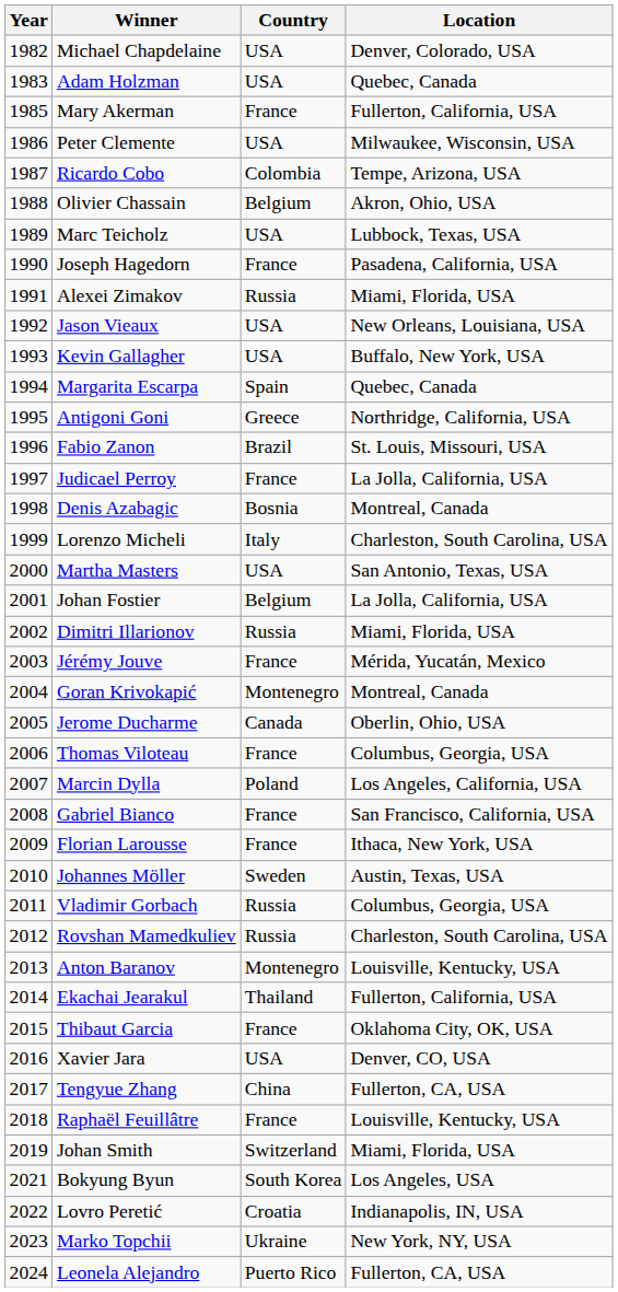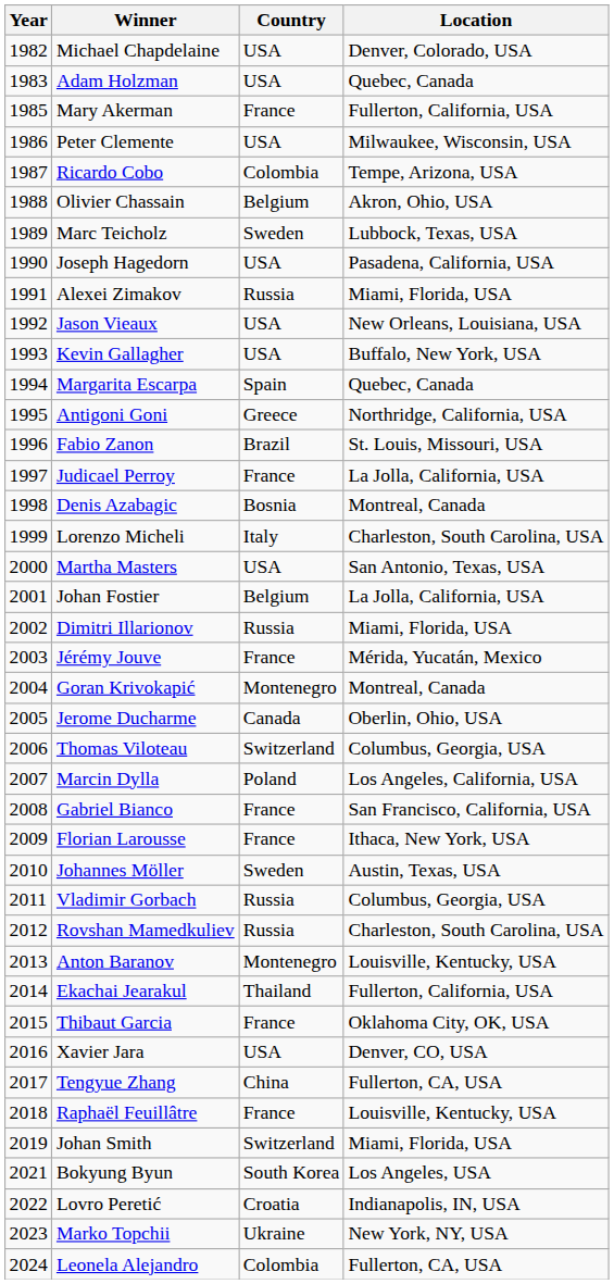 <table class="wikitable">
 <tr>
 <th>Year</th>
 <th>Winner</th>
 <th>Country</th>
 <th>Location</th>
 </tr>
 <tr>
 <td>1982</td>
 <td>Michael Chapdelaine</td>
 <td>USA</td>
 <td>Denver, Colorado, USA</td>
 </tr>
 <tr>
 <td>1983</td>
 <td><a href='#'>Adam Holzman</a></td>
 <td>USA</td>
 <td>Quebec, Canada</td>
 </tr>
 <tr>
 <td>1985</td>
 <td>Mary Akerman</td>
 <td>France</td>
 <td>Fullerton, California, USA</td>
 </tr>
 <tr>
 <td>1986</td>
 <td>Peter Clemente</td>
 <td>USA</td>
 <td>Milwaukee, Wisconsin, USA</td>
 </tr>
 <tr>
 <td>1987</td>
 <td><a href='#'>Ricardo Cobo</a></td>
 <td>Colombia</td>
 <td>Tempe, Arizona, USA</td>
 </tr>
 <tr>
 <td>1988</td>
 <td>Olivier Chassain</td>
 <td>Belgium</td>
 <td>Akron, Ohio, USA</td>
 </tr>
 <tr>
 <td>1989</td>
 <td>Marc Teicholz</td>
-<td>USA</td>
+<td>Sweden</td>
 <td>Lubbock, Texas, USA</td>
 </tr>
 <tr>
 <td>1990</td>
 <td>Joseph Hagedorn</td>
-<td>France</td>
+<td>USA</td>
 <td>Pasadena, California, USA</td>
 </tr>
 <tr>
 <td>1991</td>
 <td>Alexei Zimakov</td>
 <td>Russia</td>
 <td>Miami, Florida, USA</td>
 </tr>
 <tr>
 <td>1992</td>
 <td><a href='#'>Jason Vieaux</a></td>
 <td>USA</td>
 <td>New Orleans, Louisiana, USA</td>
 </tr>
 <tr>
 <td>1993</td>
 <td><a href='#'>Kevin Gallagher</a></td>
 <td>USA</td>
 <td>Buffalo, New York, USA</td>
 </tr>
 <tr>
 <td>1994</td>
 <td><a href='#'>Margarita Escarpa</a></td>
 <td>Spain</td>
 <td>Quebec, Canada</td>
 </tr>
 <tr>
 <td>1995</td>
 <td><a href='#'>Antigoni Goni</a></td>
 <td>Greece</td>
 <td>Northridge, California, USA</td>
 </tr>
 <tr>
 <td>1996</td>
 <td><a href='#'>Fabio Zanon</a></td>
 <td>Brazil</td>
 <td>St. Louis, Missouri, USA</td>
 </tr>
 <tr>
 <td>1997</td>
 <td><a href='#'>Judicael Perroy</a></td>
 <td>France</td>
 <td>La Jolla, California, USA</td>
 </tr>
 <tr>
 <td>1998</td>
 <td><a href='#'>Denis Azabagic</a></td>
 <td>Bosnia</td>
 <td>Montreal, Canada</td>
 </tr>
 <tr>
 <td>1999</td>
 <td>Lorenzo Micheli</td>
 <td>Italy</td>
 <td>Charleston, South Carolina, USA</td>
 </tr>
 <tr>
 <td>2000</td>
 <td><a href='#'>Martha Masters</a></td>
 <td>USA</td>
 <td>San Antonio, Texas, USA</td>
 </tr>
 <tr>
 <td>2001</td>
 <td>Johan Fostier</td>
 <td>Belgium</td>
 <td>La Jolla, California, USA</td>
 </tr>
 <tr>
 <td>2002</td>
 <td><a href='#'>Dimitri Illarionov</a></td>
 <td>Russia</td>
 <td>Miami, Florida, USA</td>
 </tr>
 <tr>
 <td>2003</td>
 <td><a href='#'>Jérémy Jouve</a></td>
 <td>France</td>
 <td>Mérida, Yucatán, Mexico</td>
 </tr>
 <tr>
 <td>2004</td>
 <td><a href='#'>Goran Krivokapić</a></td>
 <td>Montenegro</td>
 <td>Montreal, Canada</td>
 </tr>
 <tr>
 <td>2005</td>
 <td><a href='#'>Jerome Ducharme</a></td>
 <td>Canada</td>
 <td>Oberlin, Ohio, USA</td>
 </tr>
 <tr>
 <td>2006</td>
 <td><a href='#'>Thomas Viloteau</a></td>
-<td>France</td>
+<td>Switzerland</td>
 <td>Columbus, Georgia, USA</td>
 </tr>
 <tr>
 <td>2007</td>
 <td><a href='#'>Marcin Dylla</a></td>
 <td>Poland</td>
 <td>Los Angeles, California, USA</td>
 </tr>
 <tr>
 <td>2008</td>
 <td><a href='#'>Gabriel Bianco</a></td>
 <td>France</td>
 <td>San Francisco, California, USA</td>
 </tr>
 <tr>
 <td>2009</td>
 <td><a href='#'>Florian Larousse</a></td>
 <td>France</td>
 <td>Ithaca, New York, USA</td>
 </tr>
 <tr>
 <td>2010</td>
 <td><a href='#'>Johannes Möller</a></td>
 <td>Sweden</td>
 <td>Austin, Texas, USA</td>
 </tr>
 <tr>
 <td>2011</td>
 <td><a href='#'>Vladimir Gorbach</a></td>
 <td>Russia</td>
 <td>Columbus, Georgia, USA</td>
 </tr>
 <tr>
 <td>2012</td>
 <td><a href='#'>Rovshan Mamedkuliev</a></td>
 <td>Russia</td>
 <td>Charleston, South Carolina, USA</td>
 </tr>
 <tr>
 <td>2013</td>
 <td><a href='#'>Anton Baranov</a></td>
 <td>Montenegro</td>
 <td>Louisville, Kentucky, USA</td>
 </tr>
 <tr>
 <td>2014</td>
 <td><a href='#'>Ekachai Jearakul</a></td>
 <td>Thailand</td>
 <td>Fullerton, California, USA</td>
 </tr>
 <tr>
 <td>2015</td>
 <td><a href='#'>Thibaut Garcia</a></td>
 <td>France</td>
 <td>Oklahoma City, OK, USA</td>
 </tr>
 <tr>
 <td>2016</td>
 <td>Xavier Jara</td>
 <td>USA</td>
 <td>Denver, CO, USA</td>
 </tr>
 <tr>
 <td>2017</td>
 <td><a href='#'>Tengyue Zhang</a></td>
 <td>China</td>
 <td>Fullerton, CA, USA</td>
 </tr>
 <tr>
 <td>2018</td>
 <td><a href='#'>Raphaël Feuillâtre</a></td>
 <td>France</td>
 <td>Louisville, Kentucky, USA</td>
 </tr>
 <tr>
 <td>2019</td>
 <td>Johan Smith</td>
 <td>Switzerland</td>
 <td>Miami, Florida, USA</td>
 </tr>
 <tr>
 <td>2021</td>
 <td>Bokyung Byun</td>
 <td>South Korea</td>
 <td>Los Angeles, USA</td>
 </tr>
 <tr>
 <td>2022</td>
 <td>Lovro Peretić</td>
 <td>Croatia</td>
 <td>Indianapolis, IN, USA</td>
 </tr>
 <tr>
 <td>2023</td>
 <td><a href='#'>Marko Topchii</a></td>
 <td>Ukraine</td>
 <td>New York, NY, USA</td>
 </tr>
 <tr>
 <td>2024</td>
 <td><a href='#'>Leonela Alejandro</a></td>
-<td>Puerto Rico</td>
+<td>Colombia</td>
 <td>Fullerton, CA, USA<br>  </td>
 </tr>
 </table>
